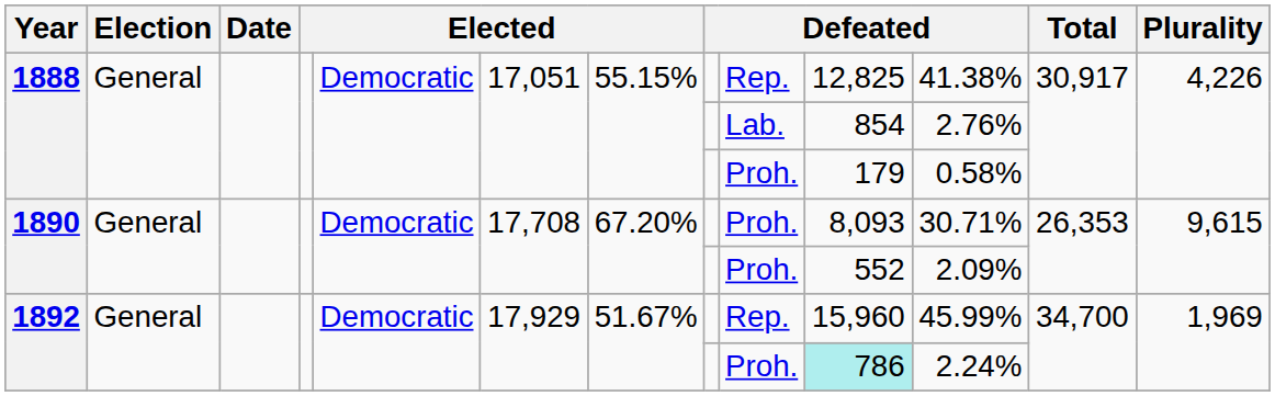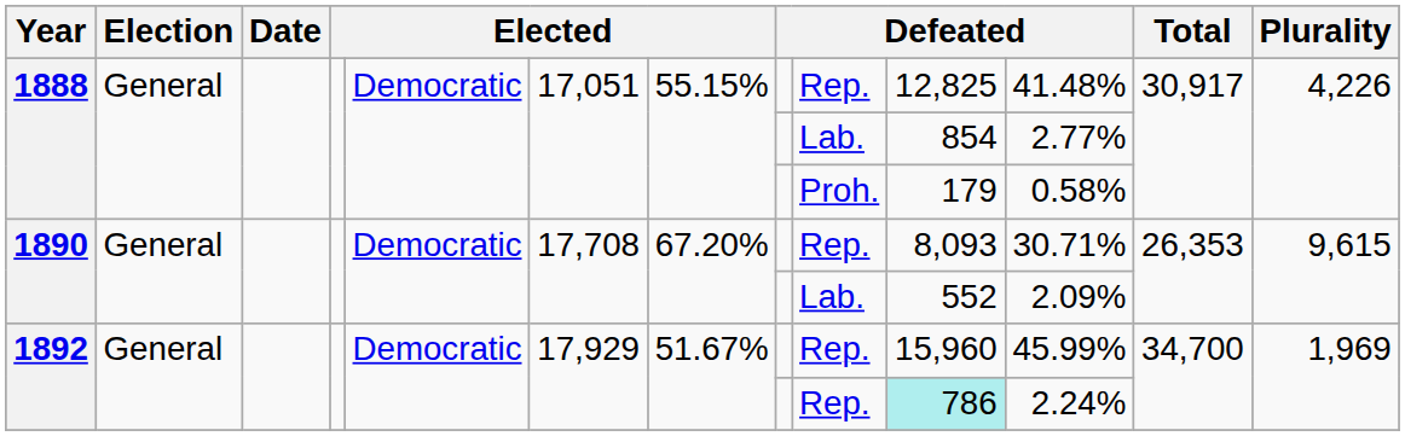 <table class=wikitable>
 <tr>
 <th>Year</th>
 <th>Election</th>
 <th>Date</th>
 <th ! colspan="4">Elected</th>
 <th ! colspan="4">Defeated</th>
 <th>Total</th>
 <th>Plurality</th>
 </tr>
 <tr>
 <th rowspan="3" valign="top"><a href='#'>1888</a></th>
 <td rowspan="3" valign="top">General</td>
 <td rowspan="3" valign="top"></td>
 <td rowspan="3" valign="top"></td>
 <td rowspan="3" valign="top" ><a href='#'>Democratic</a></td>
 <td rowspan="3" valign="top" align="right">17,051</td>
 <td rowspan="3" valign="top" align="right">55.15%</td>
 <td valign="top"></td>
 <td valign="top" ><a href='#'>Rep.</a></td>
 <td valign="top" align="right">12,825</td>
-<td valign="top" align="right">41.38%</td>
+<td valign="top" align="right">41.48%</td>
 <td rowspan="3" valign="top" align="right">30,917</td>
 <td rowspan="3" valign="top" align="right">4,226</td>
 </tr>
 <tr>
 <td valign="top"></td>
 <td valign="top" ><a href='#'>Lab.</a></td>
 <td valign="top" align="right">854</td>
-<td valign="top" align="right">2.76%</td>
+<td valign="top" align="right">2.77%</td>
 </tr>
 <tr>
 <td valign="top"></td>
 <td valign="top" ><a href='#'>Proh.</a></td>
 <td valign="top" align="right">179</td>
 <td valign="top" align="right">0.58%</td>
 </tr>
 <tr>
 <th rowspan="2" valign="top"><a href='#'>1890</a></th>
 <td rowspan="2" valign="top">General</td>
 <td rowspan="2" valign="top"></td>
 <td rowspan="2" valign="top"></td>
 <td rowspan="2" valign="top" ><a href='#'>Democratic</a></td>
 <td rowspan="2" valign="top" align="right">17,708</td>
 <td rowspan="2" valign="top" align="right">67.20%</td>
 <td valign="top"></td>
-<td valign="top" ><a href='#'>Proh.</a></td>
+<td valign="top" ><a href='#'>Rep.</a></td>
 <td valign="top" align="right">8,093</td>
 <td valign="top" align="right">30.71%</td>
 <td rowspan="2" valign="top" align="right">26,353</td>
 <td rowspan="2" valign="top" align="right">9,615</td>
 </tr>
 <tr>
 <td valign="top"></td>
-<td valign="top" ><a href='#'>Proh.</a></td>
+<td valign="top" ><a href='#'>Lab.</a></td>
 <td valign="top" align="right">552</td>
 <td valign="top" align="right">2.09%</td>
 </tr>
 <tr>
 <th rowspan="2" valign="top"><a href='#'>1892</a></th>
 <td rowspan="2" valign="top">General</td>
 <td rowspan="2" valign="top"></td>
 <td rowspan="2" valign="top"></td>
 <td rowspan="2" valign="top" ><a href='#'>Democratic</a></td>
 <td rowspan="2" valign="top" align="right">17,929</td>
 <td rowspan="2" valign="top" align="right">51.67%</td>
 <td valign="top"></td>
 <td valign="top" ><a href='#'>Rep.</a></td>
 <td valign="top" align="right">15,960</td>
 <td valign="top" align="right">45.99%</td>
 <td rowspan="2" valign="top" align="right">34,700</td>
 <td rowspan="2" valign="top" align="right">1,969</td>
 </tr>
 <tr>
 <td valign="top"></td>
-<td valign="top" ><a href='#'>Proh.</a></td>
+<td valign="top" ><a href='#'>Rep.</a></td>
 <td valign="top" align="right" style="background: paleturquoise;">786</td>
 <td valign="top" align="right">2.24%</td>
 </tr>
 </table>
